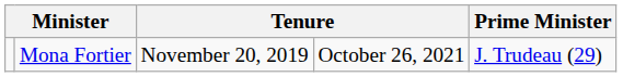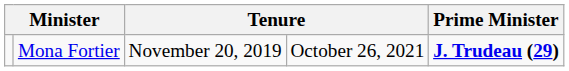 <table class="wikitable">
 <tr>
 <th colspan="2">Minister</th>
 <th colspan="2">Tenure</th>
 <th>Prime Minister</th>
 </tr>
 <tr>
 <td></td>
 <td><a href='#'>Mona Fortier</a></td>
 <td>November 20, 2019</td>
 <td>October 26, 2021</td>
-<td><a href='#'>J. Trudeau</a> (<a href='#'>29</a>)</td>
+<td><strong><a href='#'>J. Trudeau</a> (<a href='#'>29</a>)</strong></td>
 </tr>
 </table>
